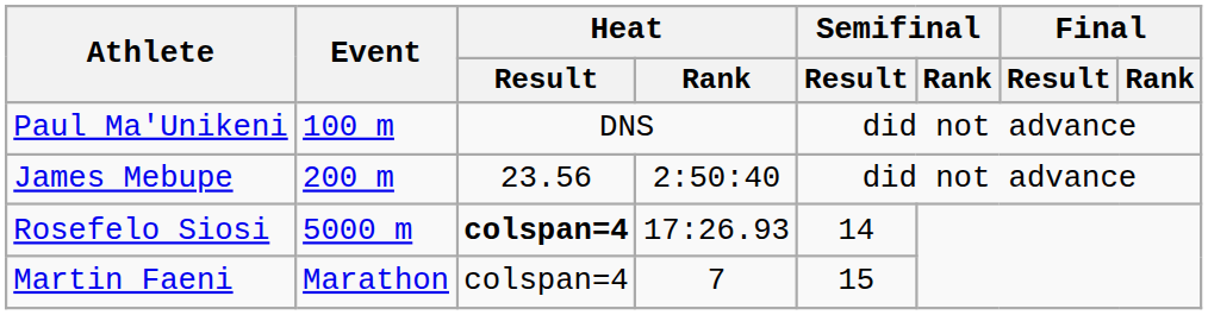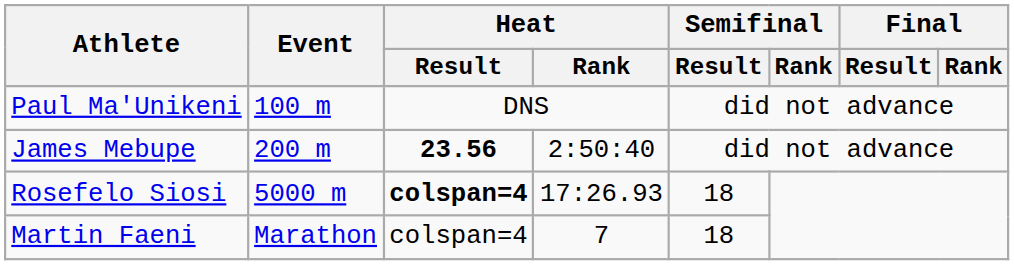 <table class="wikitable" style="font-size:90%; text-align:center">
 <tr>
 <th rowspan=2>Athlete</th>
 <th rowspan=2>Event</th>
 <th colspan=2>Heat</th>
 <th colspan=2>Semifinal</th>
 <th colspan=2>Final</th>
 </tr>
 <tr style="font-size:95%">
 <th>Result</th>
 <th>Rank</th>
 <th>Result</th>
 <th>Rank</th>
 <th>Result</th>
 <th>Rank</th>
 </tr>
 <tr>
 <td align=left><a href='#'>Paul Ma'Unikeni</a></td>
 <td align=left rowspan=1><a href='#'>100 m</a></td>
 <td colspan=2>DNS</td>
 <td colspan=4>did not advance</td>
 </tr>
 <tr>
 <td align=left><a href='#'>James Mebupe</a></td>
 <td align=left rowspan=1><a href='#'>200 m</a></td>
-<td>23.56</td>
+<td><strong>23.56</strong></td>
 <td>2:50:40</td>
 <td colspan=4>did not advance</td>
 </tr>
 <tr>
 <td align=left><a href='#'>Rosefelo Siosi</a></td>
 <td align=left rowspan=1><a href='#'>5000 m</a></td>
 <td><strong>colspan=4 </strong></td>
 <td>17:26.93</td>
-<td>14</td>
+<td>18</td>
 </tr>
 <tr>
 <td align=left><a href='#'>Martin Faeni</a></td>
 <td align=left rowspan=1><a href='#'>Marathon</a></td>
 <td>colspan=4 </td>
 <td>7</td>
-<td>15</td>
+<td>18</td>
 </tr>
 </table>
